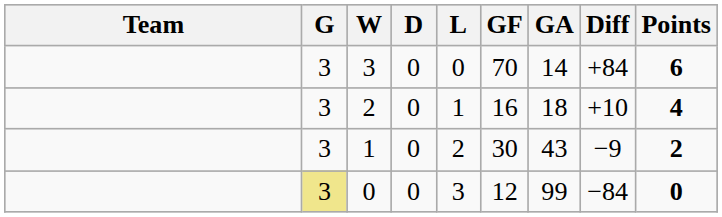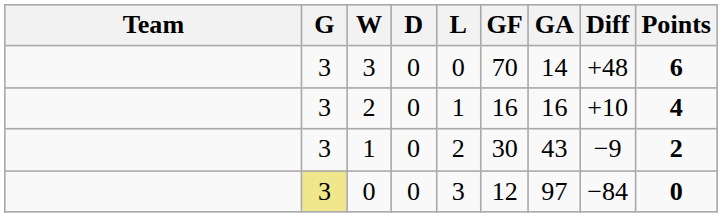 <table class="wikitable" style="text-align: center;">
 <tr>
 <th width="175">Team</th>
 <th width="20">G</th>
 <th width="20">W</th>
 <th width="20">D</th>
 <th width="20">L</th>
 <th width="20">GF</th>
 <th width="20">GA</th>
 <th width="20">Diff</th>
 <th width="20">Points</th>
 </tr>
 <tr>
 <td align=left></td>
 <td>3</td>
 <td>3</td>
 <td>0</td>
 <td>0</td>
 <td>70</td>
 <td>14</td>
-<td>+84</td>
+<td>+48</td>
 <td><strong>6</strong></td>
 </tr>
 <tr>
 <td align=left></td>
 <td>3</td>
 <td>2</td>
 <td>0</td>
 <td>1</td>
 <td>16</td>
-<td>18</td>
+<td>16</td>
 <td>+10</td>
 <td><strong>4</strong></td>
 </tr>
 <tr>
 <td align=left></td>
 <td>3</td>
 <td>1</td>
 <td>0</td>
 <td>2</td>
 <td>30</td>
 <td>43</td>
 <td>−9</td>
 <td><strong>2</strong></td>
 </tr>
 <tr>
 <td align=left></td>
 <td style="background: khaki;">3</td>
 <td>0</td>
 <td>0</td>
 <td>3</td>
 <td>12</td>
-<td>99</td>
+<td>97</td>
 <td>−84</td>
 <td><strong>0</strong></td>
 </tr>
 </table>
